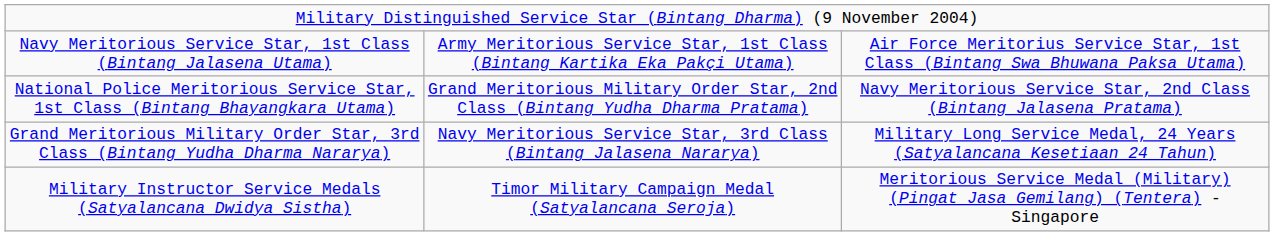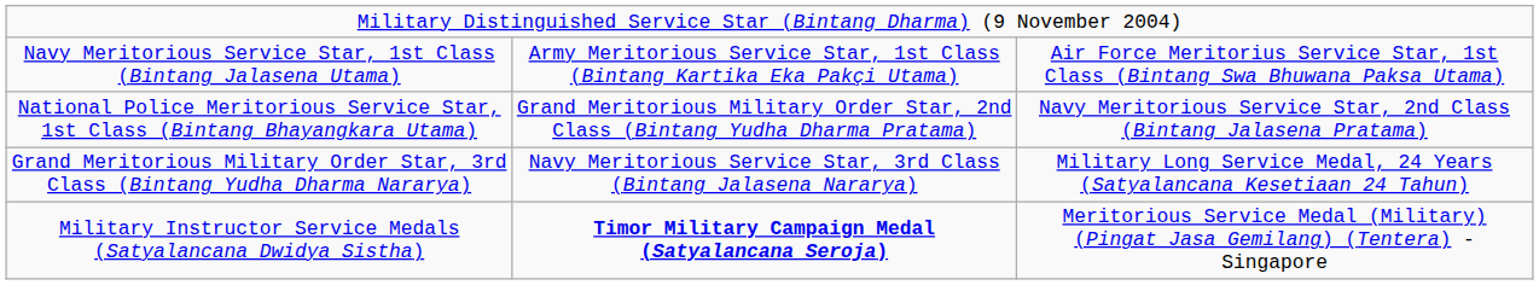 <table class="wikitable" width="80%" style="margin:1em auto; text-align:center;">
 <tr>
 <td colspan="3"><a href='#'>Military Distinguished Service Star (<em>Bintang Dharma</em>)</a> (9 November 2004)</td>
 </tr>
 <tr>
 <td colspan="1"><a href='#'>Navy Meritorious Service Star, 1st Class (<em>Bintang Jalasena Utama</em>)</a></td>
 <td colspan="1"><a href='#'>Army Meritorious Service Star, 1st Class (<em>Bintang Kartika Eka Pakçi Utama</em>)</a></td>
 <td colspan="1"><a href='#'>Air Force Meritorius Service Star, 1st Class (<em>Bintang Swa Bhuwana Paksa Utama</em>)</a></td>
 </tr>
 <tr>
 <td colspan="1"><a href='#'>National Police Meritorious Service Star, 1st Class (<em>Bintang Bhayangkara Utama</em>)</a></td>
 <td colspan="1"><a href='#'>Grand Meritorious Military Order Star, 2nd Class (<em>Bintang Yudha Dharma Pratama</em>)</a></td>
 <td colspan="1"><a href='#'>Navy Meritorious Service Star, 2nd Class (<em>Bintang Jalasena Pratama</em>)</a></td>
 </tr>
 <tr>
 <td colspan="1"><a href='#'>Grand Meritorious Military Order Star, 3rd Class (<em>Bintang Yudha Dharma Nararya</em>)</a></td>
 <td colspan="1"><a href='#'>Navy Meritorious Service Star, 3rd Class (<em>Bintang Jalasena Nararya</em>)</a></td>
 <td colspan="1"><a href='#'>Military Long Service Medal, 24 Years (<em>Satyalancana Kesetiaan 24 Tahun</em>)</a></td>
 </tr>
 <tr>
 <td colspan="1"><a href='#'>Military Instructor Service Medals (<em>Satyalancana Dwidya Sistha</em>)</a></td>
-<td colspan="1"><a href='#'>Timor Military Campaign Medal (<em>Satyalancana Seroja</em>)</a></td>
+<td colspan="1"><strong><a href='#'>Timor Military Campaign Medal (<em>Satyalancana Seroja</em>)</a></strong></td>
 <td colspan="1"><a href='#'>Meritorious Service Medal (Military) (<em>Pingat Jasa Gemilang</em>) (<em>Tentera</em>)</a> - Singapore</td>
 </tr>
 </table>
